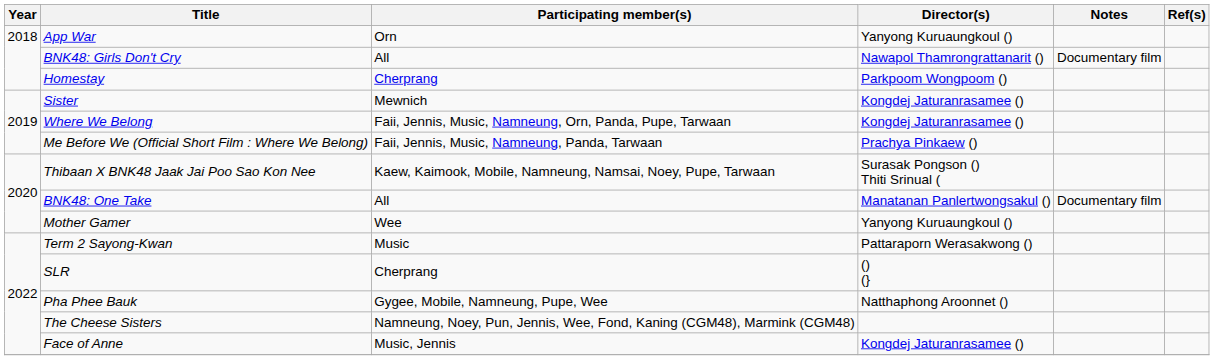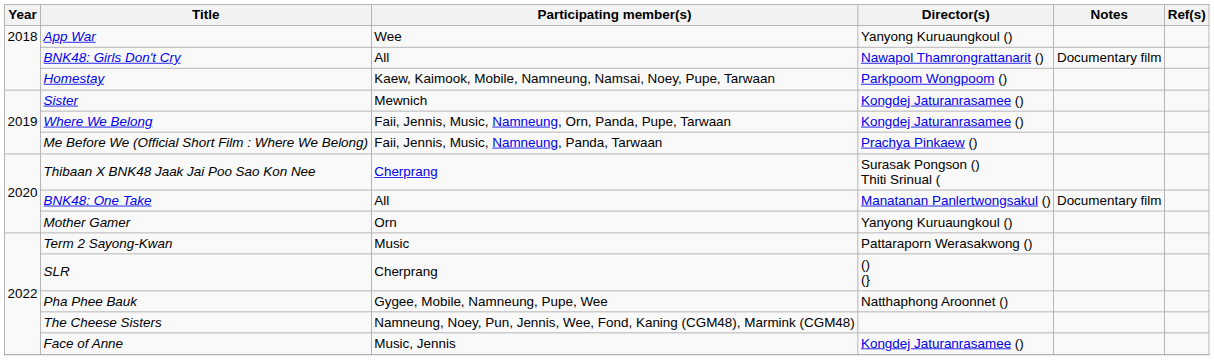 <table class="wikitable" style="text-align:left; ">
 <tr style="vertical-align:top;">
 <th>Year</th>
 <th>Title</th>
 <th>Participating member(s)</th>
 <th>Director(s)</th>
 <th>Notes</th>
 <th>Ref(s)</th>
 </tr>
 <tr style="vertical-align:top;">
 <td rowspan="3">2018</td>
 <td><em><a href='#'>App War</a></em></td>
-<td>Orn</td>
+<td>Wee</td>
 <td>Yanyong Kuruaungkoul ()</td>
 <td></td>
 <td></td>
 </tr>
 <tr>
 <td><em><a href='#'>BNK48: Girls Don't Cry</a></em></td>
 <td>All </td>
 <td><a href='#'>Nawapol Thamrongrattanarit</a> ()</td>
 <td>Documentary film</td>
 <td></td>
 </tr>
 <tr>
 <td><em><a href='#'>Homestay</a></em></td>
-<td><a href='#'>Cherprang</a></td>
+<td>Kaew, Kaimook, Mobile, Namneung, Namsai, Noey, Pupe, Tarwaan</td>
 <td><a href='#'>Parkpoom Wongpoom</a> ()</td>
 <td></td>
 <td></td>
 </tr>
 <tr>
 <td rowspan="3">2019</td>
 <td><em><a href='#'>Sister</a></em></td>
 <td>Mewnich</td>
 <td><a href='#'>Kongdej Jaturanrasamee</a> ()</td>
 <td></td>
 <td></td>
 </tr>
 <tr>
 <td><em><a href='#'>Where We Belong</a></em></td>
 <td>Faii, Jennis, Music, <a href='#'>Namneung</a>, Orn, Panda, Pupe, Tarwaan</td>
 <td><a href='#'>Kongdej Jaturanrasamee</a> ()</td>
 <td></td>
 <td></td>
 </tr>
 <tr>
 <td><em>Me Before We (Official Short Film : Where We Belong)</em></td>
 <td>Faii, Jennis, Music, <a href='#'>Namneung</a>, Panda, Tarwaan</td>
 <td><a href='#'>Prachya Pinkaew</a> ()</td>
 <td></td>
 <td></td>
 </tr>
 <tr>
 <td rowspan="3">2020</td>
 <td><em>Thibaan X BNK48 Jaak Jai Poo Sao Kon Nee</em></td>
-<td>Kaew, Kaimook, Mobile, Namneung, Namsai, Noey, Pupe, Tarwaan</td>
+<td><a href='#'>Cherprang</a></td>
 <td>Surasak Pongson () <br> Thiti Srinual (</td>
 <td></td>
 <td></td>
 </tr>
 <tr>
 <td><em><a href='#'>BNK48: One Take</a></em></td>
 <td>All </td>
 <td><a href='#'>Manatanan Panlertwongsakul</a> ()</td>
 <td>Documentary film</td>
 <td></td>
 </tr>
 <tr>
 <td><em>Mother Gamer</em></td>
-<td>Wee</td>
+<td>Orn</td>
 <td>Yanyong Kuruaungkoul ()</td>
 <td></td>
 <td></td>
 </tr>
 <tr>
 <td rowspan="5">2022</td>
 <td><em>Term 2 Sayong-Kwan</em></td>
 <td>Music</td>
 <td>Pattaraporn Werasakwong ()</td>
 <td></td>
 <td></td>
 </tr>
 <tr>
 <td><em>SLR</em></td>
 <td>Cherprang</td>
 <td>() <br>  (}</td>
 <td></td>
 <td></td>
 </tr>
 <tr>
 <td><em>Pha Phee Bauk</em></td>
 <td>Gygee, Mobile, Namneung, Pupe, Wee</td>
 <td>Natthaphong Aroonnet ()</td>
 <td></td>
 <td></td>
 </tr>
 <tr>
 <td><em>The Cheese Sisters</em></td>
 <td>Namneung, Noey, Pun, Jennis, Wee, Fond, Kaning (CGM48), Marmink (CGM48)</td>
 <td></td>
 <td></td>
 <td></td>
 </tr>
 <tr>
 <td><em>Face of Anne</em></td>
 <td>Music, Jennis</td>
 <td><a href='#'>Kongdej Jaturanrasamee</a> ()</td>
 <td></td>
 <td></td>
 </tr>
 <tr>
 </tr>
 </table>
